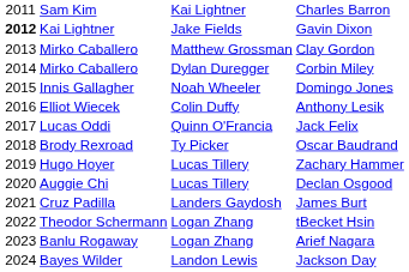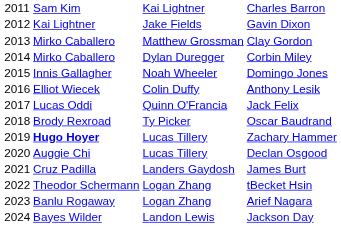 <table>
 <tr>
 <td style="text-align:center;">2011</td>
 <td><a href='#'>Sam Kim</a></td>
 <td><a href='#'>Kai Lightner</a></td>
 <td><a href='#'>Charles Barron</a></td>
 </tr>
 <tr>
-<td style="text-align:center;"><strong>2012</strong></td>
+<td style="text-align:center;">2012</td>
 <td><a href='#'>Kai Lightner</a></td>
 <td><a href='#'>Jake Fields</a></td>
 <td><a href='#'>Gavin Dixon</a></td>
 </tr>
 <tr>
 <td style="text-align:center;">2013</td>
 <td><a href='#'>Mirko Caballero</a></td>
 <td><a href='#'>Matthew Grossman</a></td>
 <td><a href='#'>Clay Gordon</a></td>
 </tr>
 <tr>
 <td style="text-align:center;">2014</td>
 <td><a href='#'>Mirko Caballero</a></td>
 <td><a href='#'>Dylan Duregger</a></td>
 <td><a href='#'>Corbin Miley</a></td>
 </tr>
 <tr>
 <td style="text-align:center;">2015</td>
 <td><a href='#'>Innis Gallagher</a></td>
 <td><a href='#'>Noah Wheeler</a></td>
 <td><a href='#'>Domingo Jones</a></td>
 </tr>
 <tr>
 <td style="text-align:center;">2016</td>
 <td><a href='#'>Elliot Wiecek</a></td>
 <td><a href='#'>Colin Duffy</a></td>
 <td><a href='#'>Anthony Lesik</a></td>
 </tr>
 <tr>
 <td style="text-align:center;">2017</td>
 <td><a href='#'>Lucas Oddi</a></td>
 <td><a href='#'>Quinn O'Francia</a></td>
 <td><a href='#'>Jack Felix</a></td>
 </tr>
 <tr>
 <td style="text-align:center;">2018</td>
 <td><a href='#'>Brody Rexroad</a></td>
 <td><a href='#'>Ty Picker</a></td>
 <td><a href='#'>Oscar Baudrand</a></td>
 </tr>
 <tr>
 <td style="text-align:center;">2019</td>
-<td><a href='#'>Hugo Hoyer</a></td>
+<td><strong><a href='#'>Hugo Hoyer</a></strong></td>
 <td><a href='#'>Lucas Tillery</a></td>
 <td><a href='#'>Zachary Hammer</a></td>
 </tr>
 <tr>
 <td style="text-align:center;">2020</td>
 <td><a href='#'>Auggie Chi</a></td>
 <td><a href='#'>Lucas Tillery</a></td>
 <td><a href='#'>Declan Osgood</a></td>
 </tr>
 <tr>
 <td style="text-align:center;">2021</td>
 <td><a href='#'>Cruz Padilla</a></td>
 <td><a href='#'>Landers Gaydosh</a></td>
 <td><a href='#'>James Burt</a></td>
 </tr>
 <tr>
 <td style="text-align:center;">2022</td>
 <td><a href='#'>Theodor Schermann</a></td>
 <td><a href='#'>Logan Zhang</a></td>
 <td><a href='#'>tBecket Hsin</a></td>
 </tr>
 <tr>
 <td style="text-align:center;">2023</td>
 <td><a href='#'>Banlu Rogaway</a></td>
 <td><a href='#'>Logan Zhang</a></td>
 <td><a href='#'>Arief Nagara</a></td>
 </tr>
 <tr>
 <td style="text-align:center;">2024</td>
 <td><a href='#'>Bayes Wilder</a></td>
 <td><a href='#'>Landon Lewis</a></td>
 <td><a href='#'>Jackson Day</a></td>
 </tr>
 </table>
